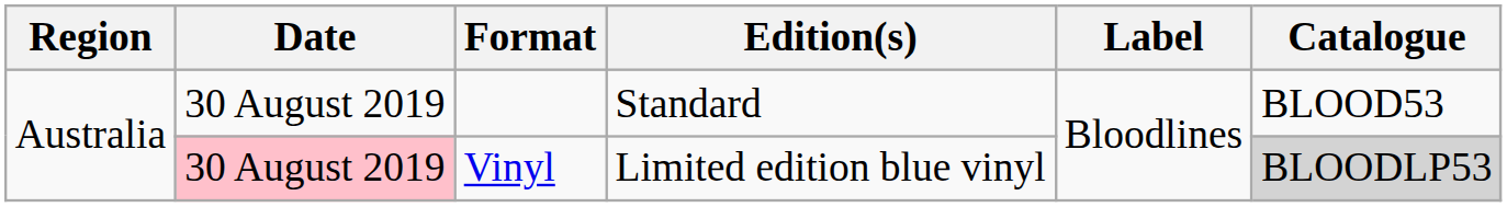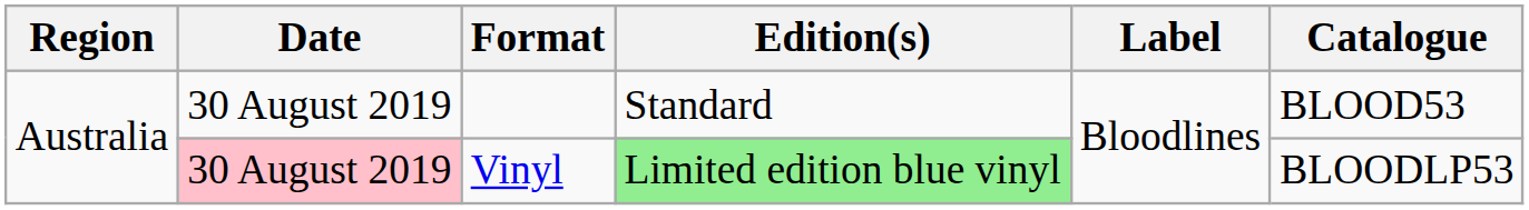 <table class="wikitable plainrowheaders">
 <tr>
 <th scope="col">Region</th>
 <th scope="col">Date</th>
 <th scope="col">Format</th>
 <th scope="col">Edition(s)</th>
 <th scope="col">Label</th>
 <th scope="col">Catalogue</th>
 </tr>
 <tr>
 <td rowspan="2">Australia</td>
 <td>30 August 2019</td>
 <td></td>
 <td>Standard</td>
 <td rowspan="2">Bloodlines</td>
 <td>BLOOD53</td>
 </tr>
 <tr>
 <td style="background: pink;">30 August 2019</td>
 <td><a href='#'>Vinyl</a></td>
-<td>Limited edition blue vinyl</td>
-<td style="background: lightgrey;">BLOODLP53</td>
+<td style="background: lightgreen;">Limited edition blue vinyl</td>
+<td>BLOODLP53</td>
 </tr>
 </table>
